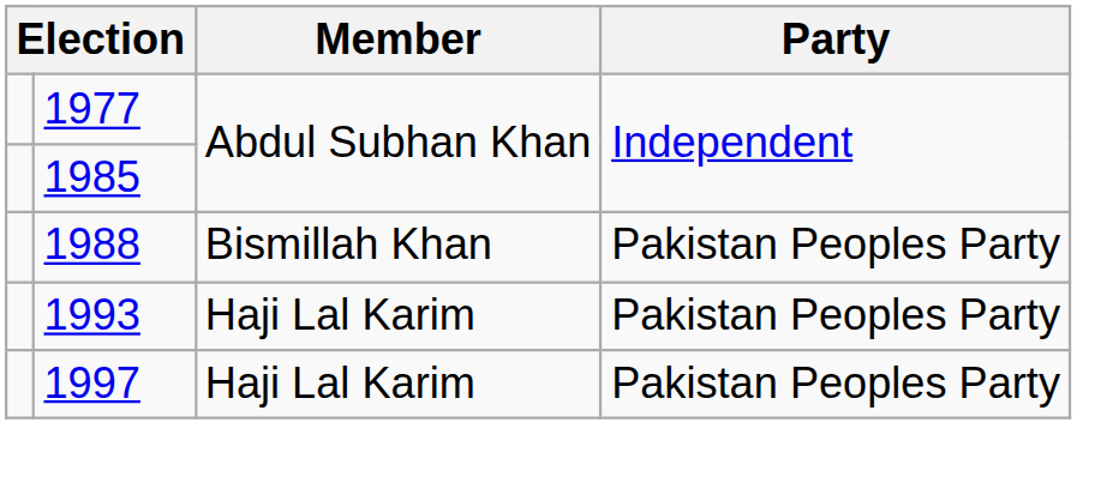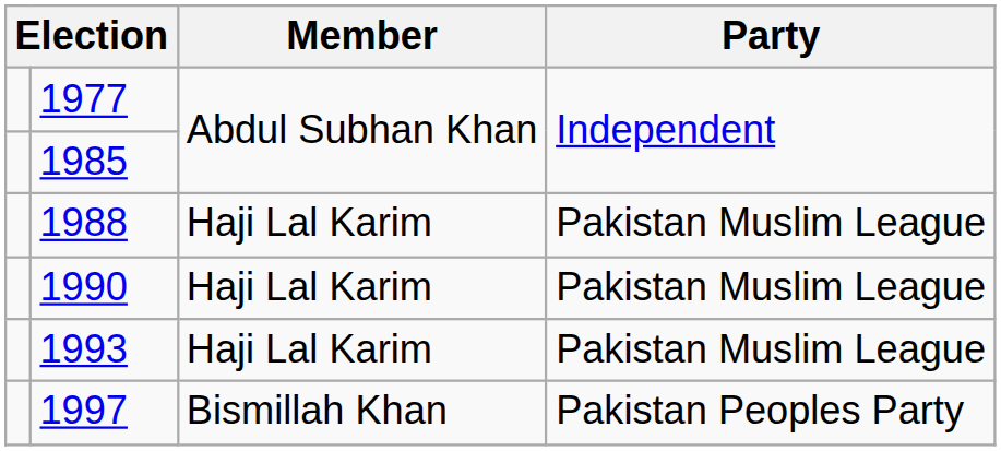 <table class="wikitable">
 <tr>
 <th colspan="2">Election</th>
 <th>Member</th>
 <th>Party</th>
 </tr>
 <tr>
 <td style="background-color: "></td>
 <td><a href='#'>1977</a></td>
 <td rowspan=2>Abdul Subhan Khan</td>
 <td rowspan=2><a href='#'>Independent</a></td>
 </tr>
 <tr>
 <td style="background-color: "></td>
 <td><a href='#'>1985</a></td>
 </tr>
 <tr>
 <td style="background-color: "></td>
 <td><a href='#'>1988</a></td>
-<td>Bismillah Khan</td>
-<td>Pakistan Peoples Party</td>
+<td>Haji Lal Karim</td>
+<td>Pakistan Muslim League</td>
+</tr>
+<tr>
+<td style="background-color: "></td>
+<td><a href='#'>1990</a></td>
+<td>Haji Lal Karim</td>
+<td>Pakistan Muslim League</td>
 </tr>
 <tr>
 <td style="background-color: "></td>
 <td><a href='#'>1993</a></td>
 <td>Haji Lal Karim</td>
-<td>Pakistan Peoples Party</td>
+<td>Pakistan Muslim League</td>
 </tr>
 <tr>
 <td style="background-color: "></td>
 <td><a href='#'>1997</a></td>
-<td>Haji Lal Karim</td>
+<td>Bismillah Khan</td>
 <td>Pakistan Peoples Party</td>
 </tr>
 </table>
